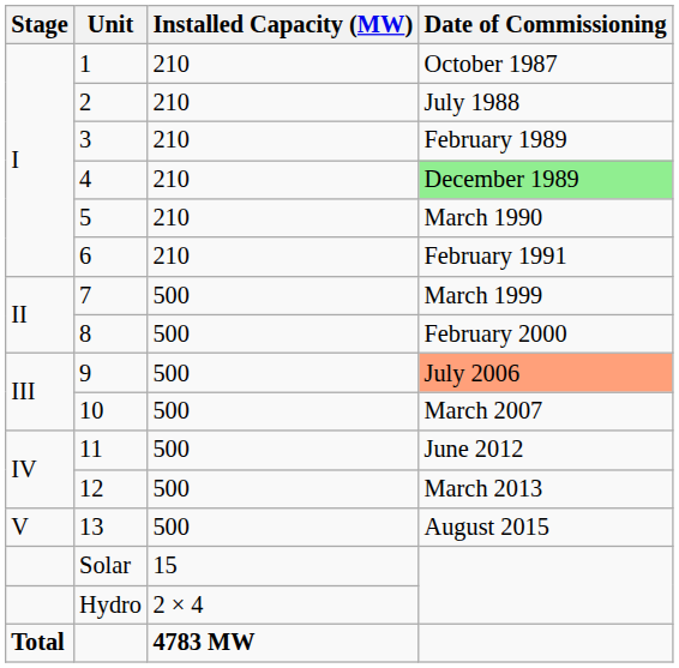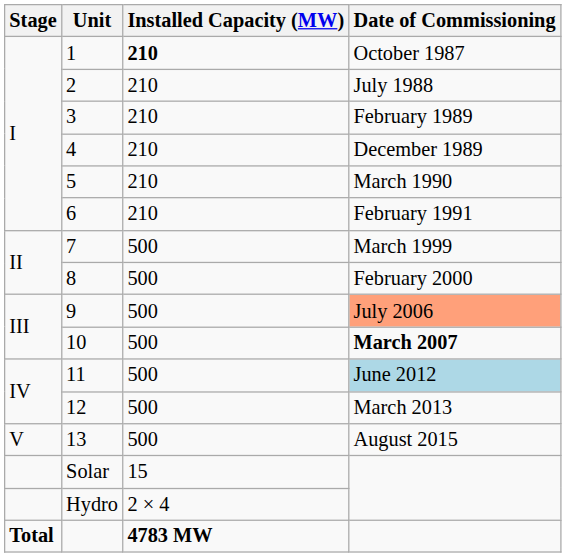 <table class="wikitable">
 <tr>
 <th>Stage</th>
 <th>Unit</th>
 <th>Installed Capacity (<a href='#'>MW</a>)</th>
 <th>Date of Commissioning</th>
 </tr>
 <tr>
 <td rowspan="6">I</td>
 <td>1</td>
-<td>210</td>
+<td><strong>210</strong></td>
 <td>October 1987</td>
 </tr>
 <tr>
 <td>2</td>
 <td>210</td>
 <td>July 1988</td>
 </tr>
 <tr>
 <td>3</td>
 <td>210</td>
 <td>February 1989</td>
 </tr>
 <tr>
 <td>4</td>
 <td>210</td>
-<td style="background: lightgreen;">December 1989</td>
+<td>December 1989</td>
 </tr>
 <tr>
 <td>5</td>
 <td>210</td>
 <td>March 1990</td>
 </tr>
 <tr>
 <td>6</td>
 <td>210</td>
 <td>February 1991</td>
 </tr>
 <tr>
 <td rowspan="2">II</td>
 <td>7</td>
 <td>500</td>
 <td>March 1999</td>
 </tr>
 <tr>
 <td>8</td>
 <td>500</td>
 <td>February 2000</td>
 </tr>
 <tr>
 <td rowspan="2">III</td>
 <td>9</td>
 <td>500</td>
 <td style="background: lightsalmon;">July 2006</td>
 </tr>
 <tr>
 <td>10</td>
 <td>500</td>
-<td>March 2007</td>
+<td><strong>March 2007</strong></td>
 </tr>
 <tr>
 <td rowspan="2">IV</td>
 <td>11</td>
 <td>500</td>
-<td>June 2012</td>
+<td style="background: lightblue;">June 2012</td>
 </tr>
 <tr>
 <td>12</td>
 <td>500</td>
 <td>March 2013</td>
 </tr>
 <tr>
 <td>V</td>
 <td>13</td>
 <td>500</td>
 <td>August 2015</td>
 </tr>
 <tr>
 <td></td>
 <td>Solar</td>
 <td>15</td>
 </tr>
 <tr>
 <td></td>
 <td>Hydro</td>
 <td>2 × 4</td>
 </tr>
 <tr>
 <td><strong>Total</strong></td>
 <td></td>
 <td><strong>4783 MW</strong></td>
 <td></td>
 </tr>
 </table>
